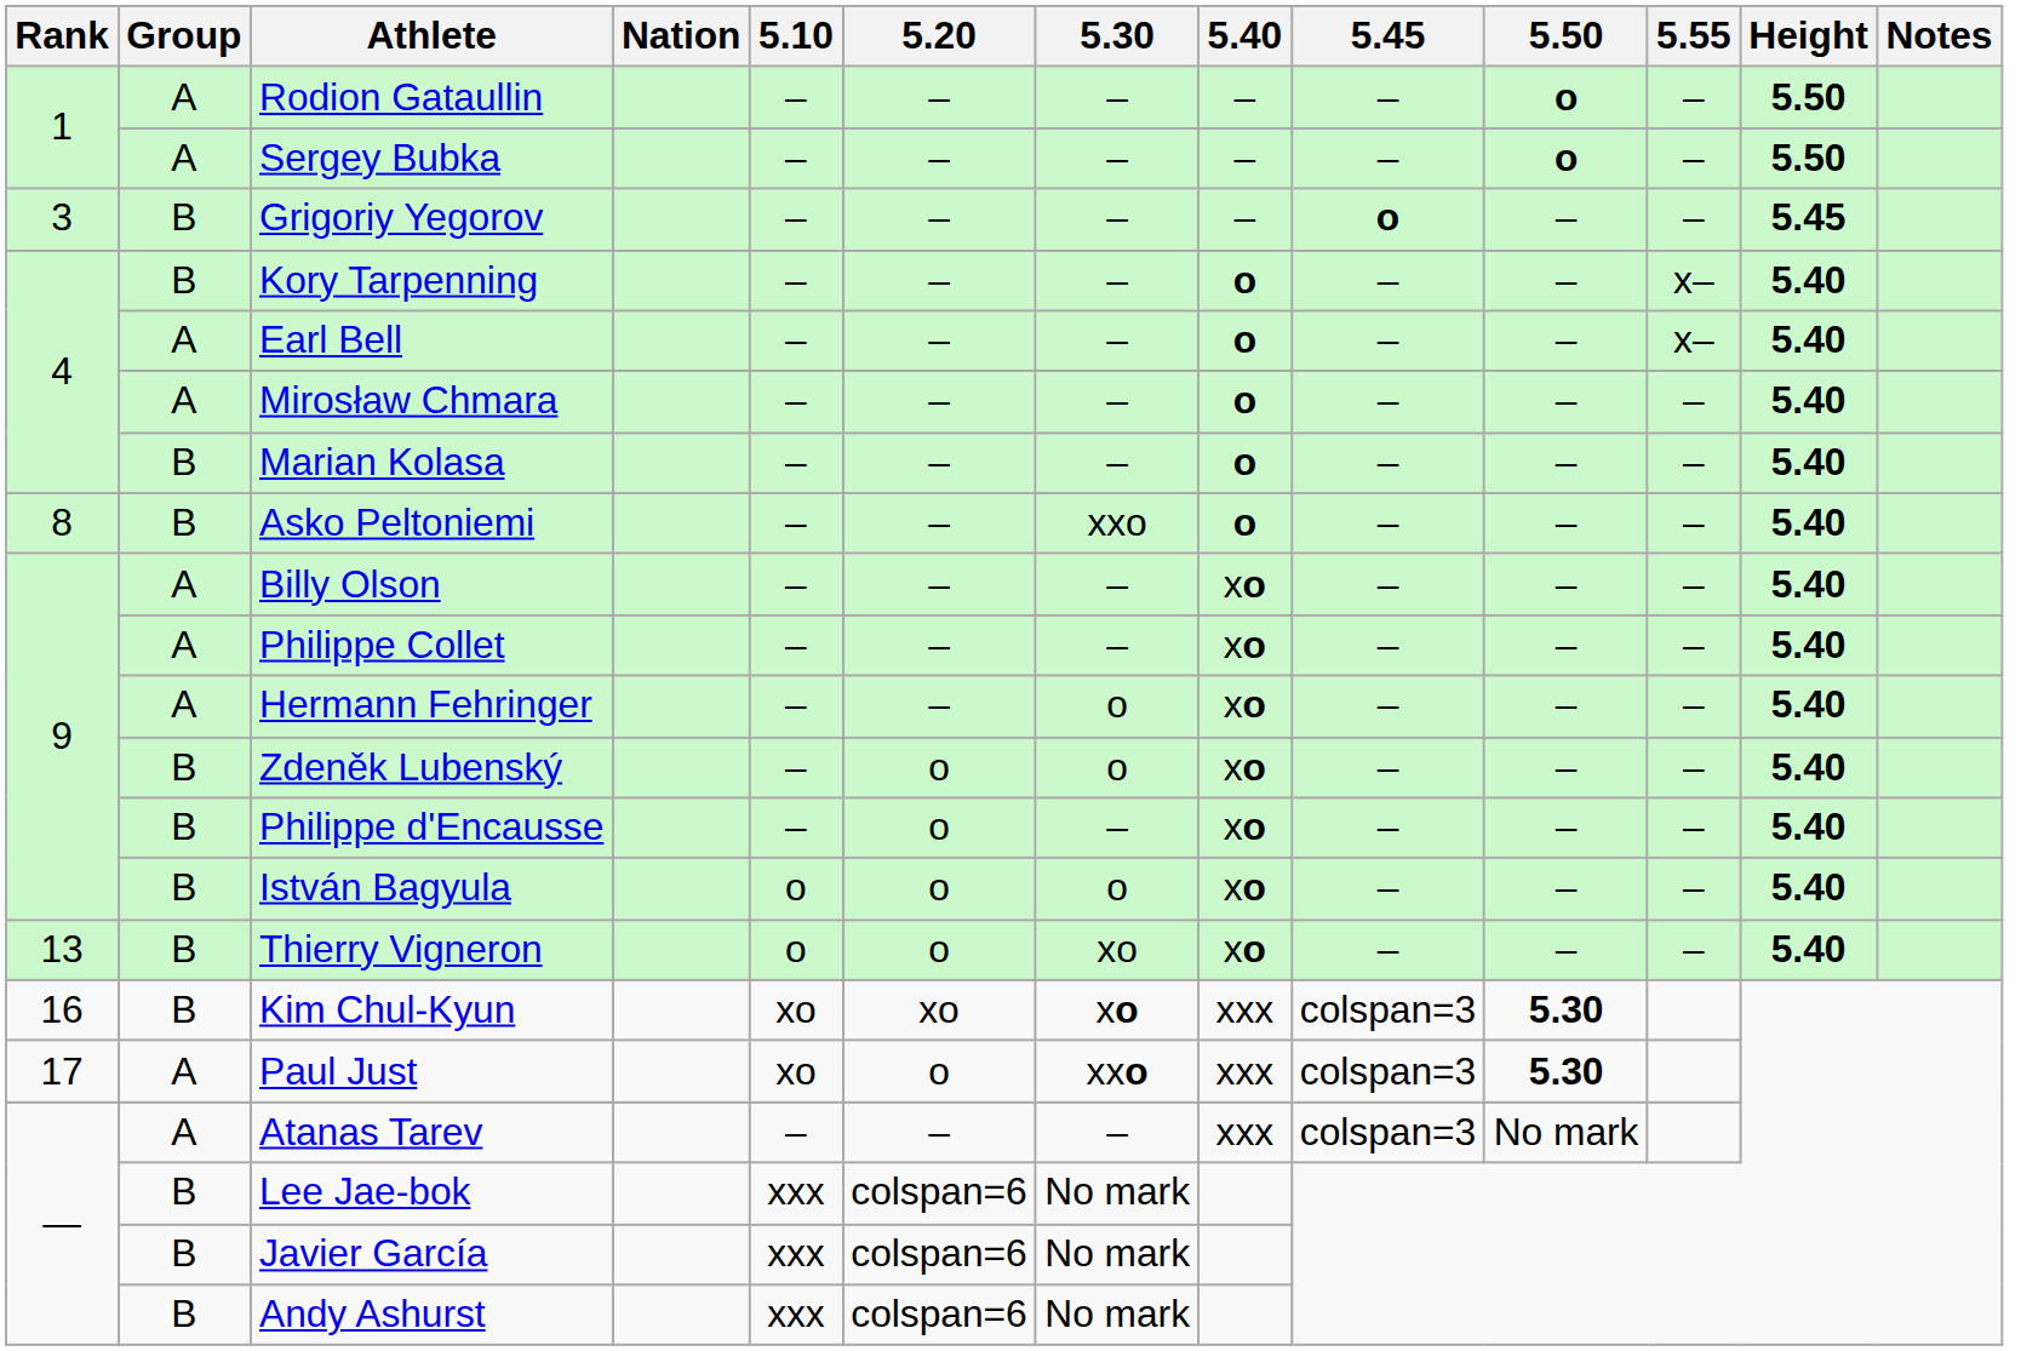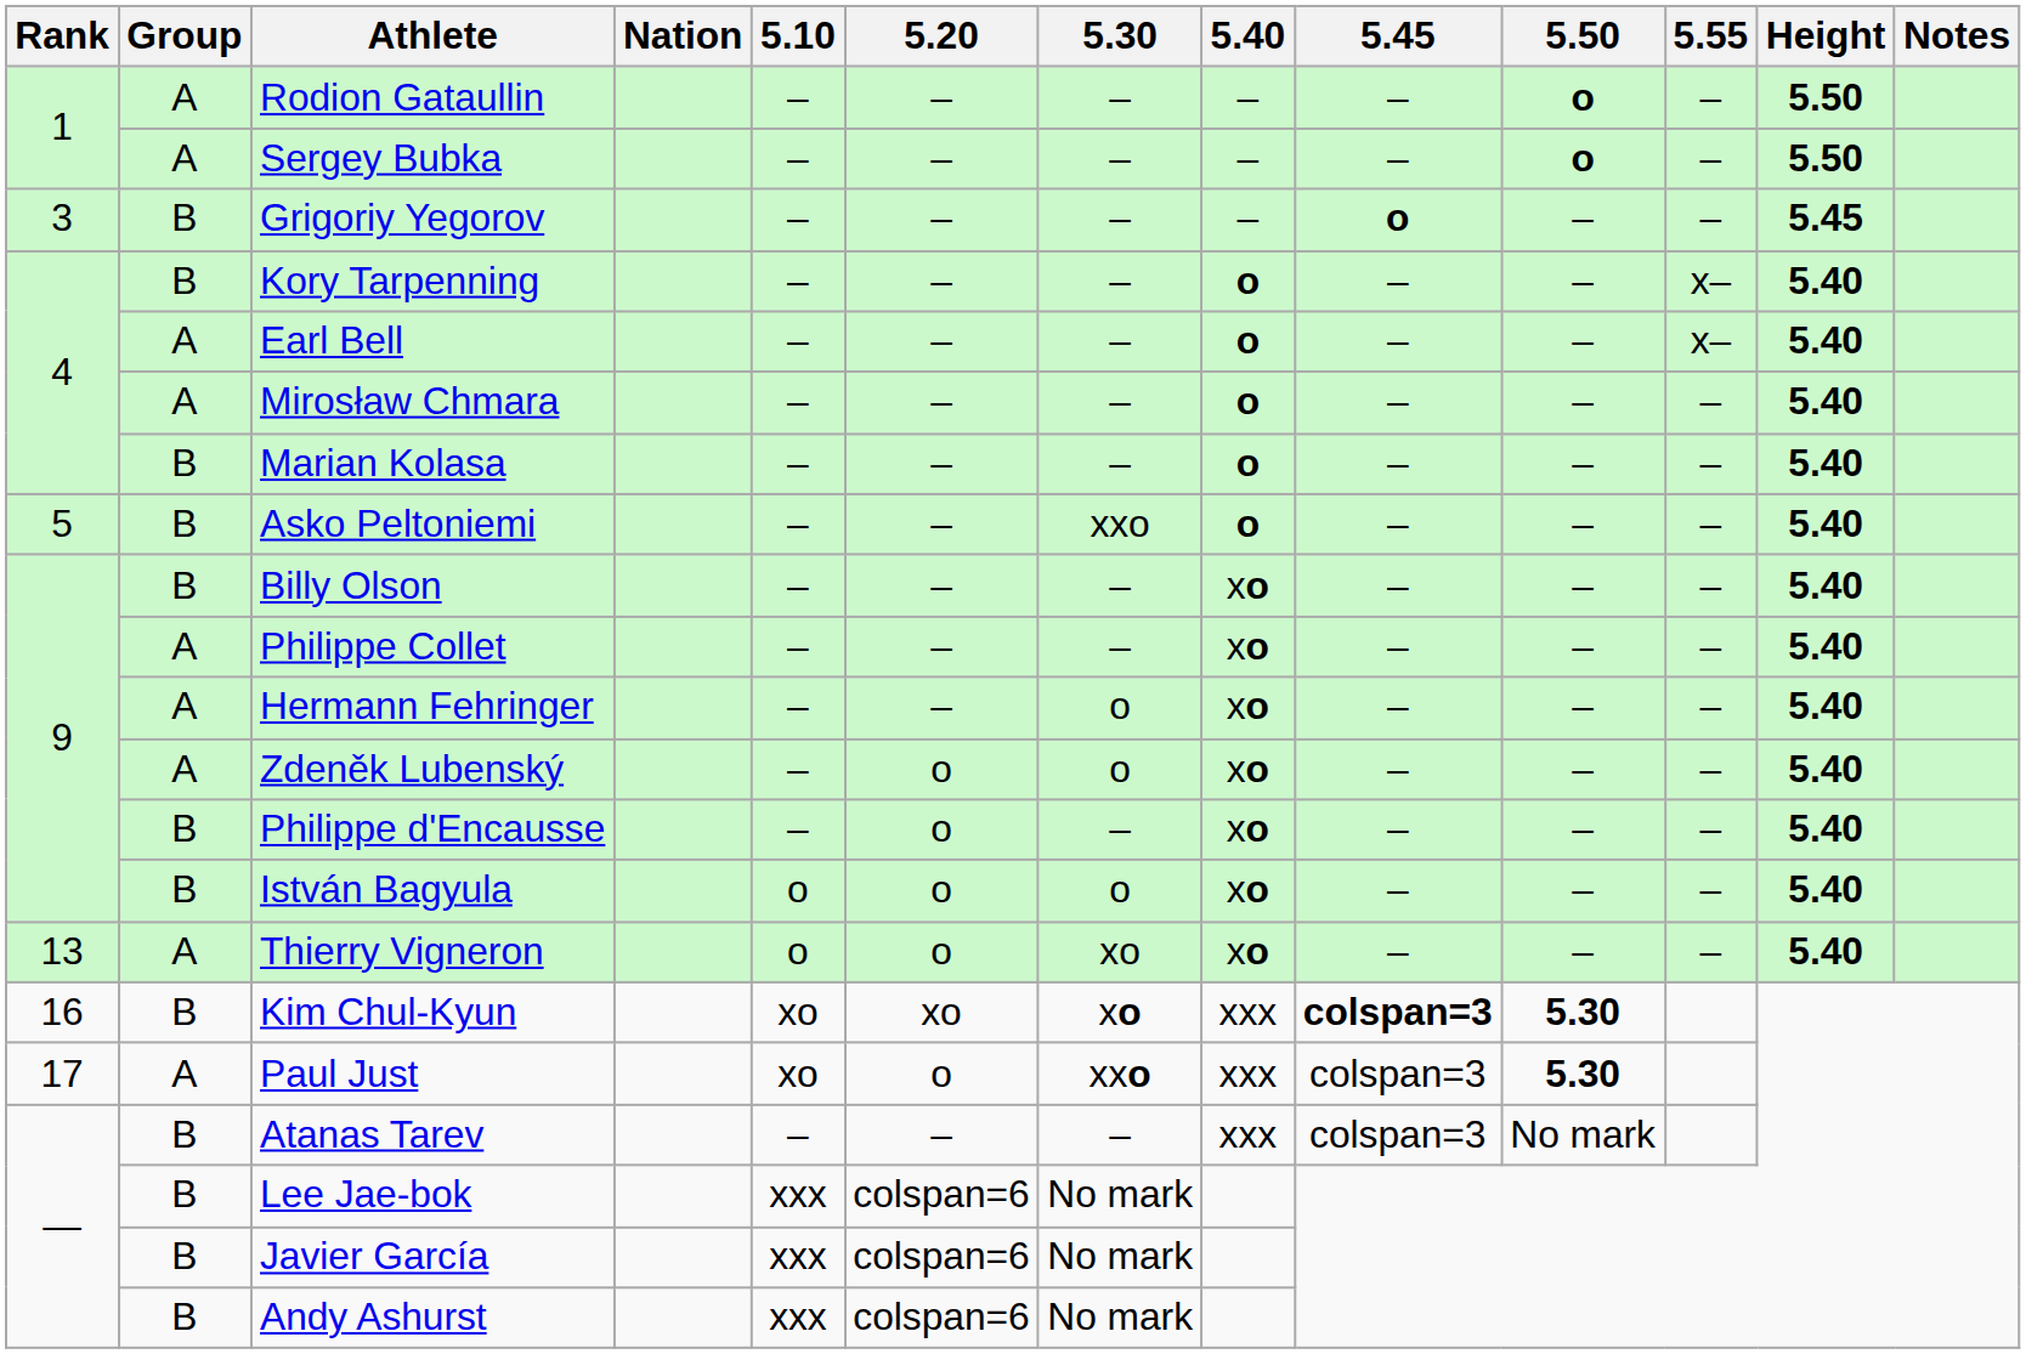 <table class="wikitable sortable" style="text-align:center">
 <tr>
 <th>Rank</th>
 <th>Group</th>
 <th>Athlete</th>
 <th>Nation</th>
 <th>5.10</th>
 <th>5.20</th>
 <th>5.30</th>
 <th>5.40</th>
 <th>5.45</th>
 <th>5.50</th>
 <th>5.55</th>
 <th>Height</th>
 <th>Notes</th>
 </tr>
 <tr bgcolor=ccf9cc>
 <td rowspan=2>1</td>
 <td>A</td>
 <td align=left><a href='#'>Rodion Gataullin</a></td>
 <td align=left></td>
 <td>–</td>
 <td>–</td>
 <td>–</td>
 <td>–</td>
 <td>–</td>
 <td><strong>o</strong></td>
 <td>–</td>
 <td><strong>5.50</strong></td>
 <td></td>
 </tr>
 <tr bgcolor=ccf9cc>
 <td>A</td>
 <td align=left><a href='#'>Sergey Bubka</a></td>
 <td align=left></td>
 <td>–</td>
 <td>–</td>
 <td>–</td>
 <td>–</td>
 <td>–</td>
 <td><strong>o</strong></td>
 <td>–</td>
 <td><strong>5.50</strong></td>
 <td></td>
 </tr>
 <tr bgcolor=ccf9cc>
 <td>3</td>
 <td>B</td>
 <td align=left><a href='#'>Grigoriy Yegorov</a></td>
 <td align=left></td>
 <td>–</td>
 <td>–</td>
 <td>–</td>
 <td>–</td>
 <td><strong>o</strong></td>
 <td>–</td>
 <td>–</td>
 <td><strong>5.45</strong></td>
 <td></td>
 </tr>
 <tr bgcolor=ccf9cc>
 <td rowspan=4>4</td>
 <td>B</td>
 <td align=left><a href='#'>Kory Tarpenning</a></td>
 <td align=left></td>
 <td>–</td>
 <td>–</td>
 <td>–</td>
 <td><strong>o</strong></td>
 <td>–</td>
 <td>–</td>
 <td>x–</td>
 <td><strong>5.40</strong></td>
 <td></td>
 </tr>
 <tr bgcolor=ccf9cc>
 <td>A</td>
 <td align=left><a href='#'>Earl Bell</a></td>
 <td align=left></td>
 <td>–</td>
 <td>–</td>
 <td>–</td>
 <td><strong>o</strong></td>
 <td>–</td>
 <td>–</td>
 <td>x–</td>
 <td><strong>5.40</strong></td>
 <td></td>
 </tr>
 <tr bgcolor=ccf9cc>
 <td>A</td>
 <td align=left><a href='#'>Mirosław Chmara</a></td>
 <td align=left></td>
 <td>–</td>
 <td>–</td>
 <td>–</td>
 <td><strong>o</strong></td>
 <td>–</td>
 <td>–</td>
 <td>–</td>
 <td><strong>5.40</strong></td>
 <td></td>
 </tr>
 <tr bgcolor=ccf9cc>
 <td>B</td>
 <td align=left><a href='#'>Marian Kolasa</a></td>
 <td align=left></td>
 <td>–</td>
 <td>–</td>
 <td>–</td>
 <td><strong>o</strong></td>
 <td>–</td>
 <td>–</td>
 <td>–</td>
 <td><strong>5.40</strong></td>
 <td></td>
 </tr>
 <tr bgcolor=ccf9cc>
-<td>8</td>
+<td>5</td>
 <td>B</td>
 <td align=left><a href='#'>Asko Peltoniemi</a></td>
 <td align=left></td>
 <td>–</td>
 <td>–</td>
 <td>xxo</td>
 <td><strong>o</strong></td>
 <td>–</td>
 <td>–</td>
 <td>–</td>
 <td><strong>5.40</strong></td>
 <td></td>
 </tr>
 <tr bgcolor=ccf9cc>
 <td rowspan=6>9</td>
-<td>A</td>
+<td>B</td>
 <td align=left><a href='#'>Billy Olson</a></td>
 <td align=left></td>
 <td>–</td>
 <td>–</td>
 <td>–</td>
 <td>x<strong>o</strong></td>
 <td>–</td>
 <td>–</td>
 <td>–</td>
 <td><strong>5.40</strong></td>
 <td></td>
 </tr>
 <tr bgcolor=ccf9cc>
 <td>A</td>
 <td align=left><a href='#'>Philippe Collet</a></td>
 <td align=left></td>
 <td>–</td>
 <td>–</td>
 <td>–</td>
 <td>x<strong>o</strong></td>
 <td>–</td>
 <td>–</td>
 <td>–</td>
 <td><strong>5.40</strong></td>
 <td></td>
 </tr>
 <tr bgcolor=ccf9cc>
 <td>A</td>
 <td align=left><a href='#'>Hermann Fehringer</a></td>
 <td align=left></td>
 <td>–</td>
 <td>–</td>
 <td>o</td>
 <td>x<strong>o</strong></td>
 <td>–</td>
 <td>–</td>
 <td>–</td>
 <td><strong>5.40</strong></td>
 <td></td>
 </tr>
 <tr bgcolor=ccf9cc>
-<td>B</td>
+<td>A</td>
 <td align=left><a href='#'>Zdeněk Lubenský</a></td>
 <td align=left></td>
 <td>–</td>
 <td>o</td>
 <td>o</td>
 <td>x<strong>o</strong></td>
 <td>–</td>
 <td>–</td>
 <td>–</td>
 <td><strong>5.40</strong></td>
 <td></td>
 </tr>
 <tr bgcolor=ccf9cc>
 <td>B</td>
 <td align=left><a href='#'>Philippe d'Encausse</a></td>
 <td align=left></td>
 <td>–</td>
 <td>o</td>
 <td>–</td>
 <td>x<strong>o</strong></td>
 <td>–</td>
 <td>–</td>
 <td>–</td>
 <td><strong>5.40</strong></td>
 <td></td>
 </tr>
 <tr bgcolor=ccf9cc>
 <td>B</td>
 <td align=left><a href='#'>István Bagyula</a></td>
 <td align=left></td>
 <td>o</td>
 <td>o</td>
 <td>o</td>
 <td>x<strong>o</strong></td>
 <td>–</td>
 <td>–</td>
 <td>–</td>
 <td><strong>5.40</strong></td>
 <td></td>
 </tr>
 <tr bgcolor=ccf9cc>
 <td>13</td>
-<td>B</td>
+<td>A</td>
 <td align=left><a href='#'>Thierry Vigneron</a></td>
 <td align=left></td>
 <td>o</td>
 <td>o</td>
 <td>xo</td>
 <td>x<strong>o</strong></td>
 <td>–</td>
 <td>–</td>
 <td>–</td>
 <td><strong>5.40</strong></td>
 <td></td>
 </tr>
 <tr>
 <td>16</td>
 <td>B</td>
 <td align=left><a href='#'>Kim Chul-Kyun</a></td>
 <td align=left></td>
 <td>xo</td>
 <td>xo</td>
 <td>x<strong>o</strong></td>
 <td>xxx</td>
-<td>colspan=3 </td>
+<td><strong>colspan=3 </strong></td>
 <td><strong>5.30</strong></td>
 <td></td>
 </tr>
 <tr>
 <td>17</td>
 <td>A</td>
 <td align=left><a href='#'>Paul Just</a></td>
 <td align=left></td>
 <td>xo</td>
 <td>o</td>
 <td>xx<strong>o</strong></td>
 <td>xxx</td>
 <td>colspan=3 </td>
 <td><strong>5.30</strong></td>
 <td></td>
 </tr>
 <tr>
 <td rowspan=4 data-sort-value=18>—</td>
-<td>A</td>
+<td>B</td>
 <td align=left><a href='#'>Atanas Tarev</a></td>
 <td align=left></td>
 <td>–</td>
 <td>–</td>
 <td>–</td>
 <td>xxx</td>
 <td>colspan=3 </td>
 <td data-sort-value=1.00>No mark</td>
 <td></td>
 </tr>
 <tr>
 <td>B</td>
 <td align=left><a href='#'>Lee Jae-bok</a></td>
 <td align=left></td>
 <td>xxx</td>
 <td>colspan=6 </td>
 <td data-sort-value=1.00>No mark</td>
 <td></td>
 </tr>
 <tr>
 <td>B</td>
 <td align=left><a href='#'>Javier García</a></td>
 <td align=left></td>
 <td>xxx</td>
 <td>colspan=6 </td>
 <td data-sort-value=1.00>No mark</td>
 <td></td>
 </tr>
 <tr>
 <td>B</td>
 <td align=left><a href='#'>Andy Ashurst</a></td>
 <td align=left></td>
 <td>xxx</td>
 <td>colspan=6 </td>
 <td data-sort-value=1.00>No mark</td>
 <td></td>
 </tr>
 </table>
